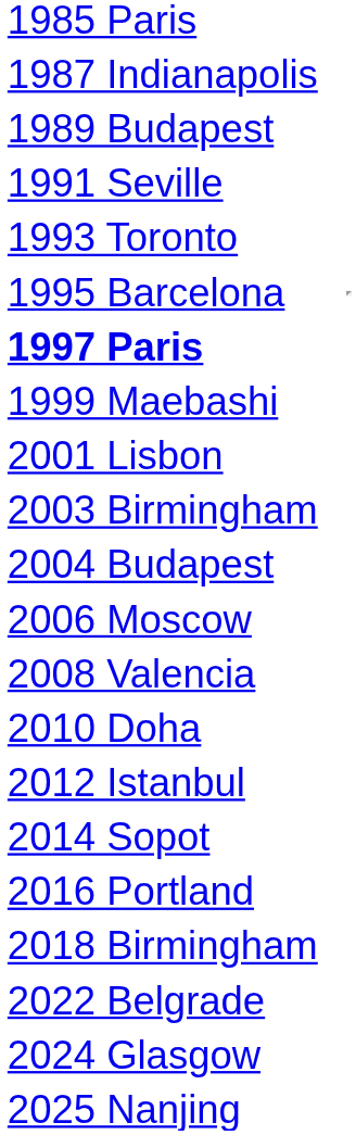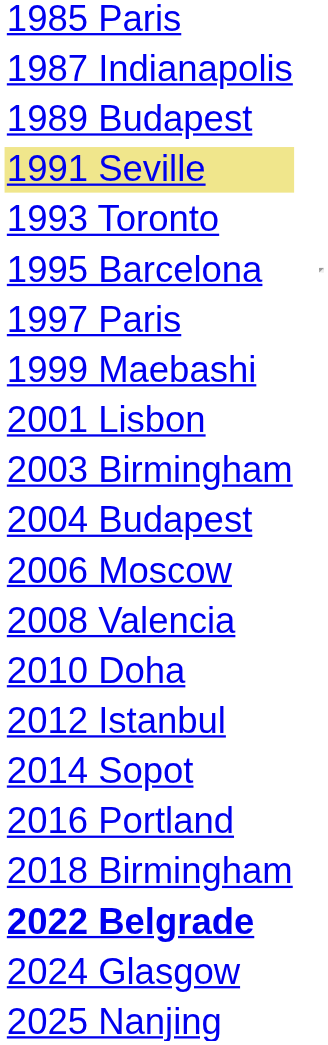 <table>
 <tr>
 <td><a href='#'>1985 Paris</a><br></td>
 <td></td>
 <td></td>
 <td></td>
 </tr>
 <tr>
 <td><a href='#'>1987 Indianapolis</a><br></td>
 <td></td>
 <td></td>
 <td></td>
 </tr>
 <tr>
 <td><a href='#'>1989 Budapest</a><br></td>
 <td></td>
 <td></td>
 <td></td>
 </tr>
 <tr>
-<td><a href='#'>1991 Seville</a><br></td>
+<td style="background: khaki;"><a href='#'>1991 Seville</a><br></td>
 <td></td>
 <td></td>
 <td></td>
 </tr>
 <tr>
 <td><a href='#'>1993 Toronto</a><br></td>
 <td></td>
 <td></td>
 <td></td>
 </tr>
 <tr>
 <td><a href='#'>1995 Barcelona</a><br></td>
 <td></td>
 <td></td>
 <td><hr></td>
 </tr>
 <tr>
-<td><strong><a href='#'>1997 Paris</a><br></strong></td>
+<td><a href='#'>1997 Paris</a><br></td>
 <td></td>
 <td></td>
 <td></td>
 </tr>
 <tr>
 <td><a href='#'>1999 Maebashi</a><br></td>
 <td></td>
 <td></td>
 <td></td>
 </tr>
 <tr>
 <td><a href='#'>2001 Lisbon</a><br></td>
 <td></td>
 <td></td>
 <td></td>
 </tr>
 <tr>
 <td><a href='#'>2003 Birmingham</a><br></td>
 <td></td>
 <td></td>
 <td></td>
 </tr>
 <tr>
 <td><a href='#'>2004 Budapest</a><br></td>
 <td></td>
 <td></td>
 <td></td>
 </tr>
 <tr>
 <td><a href='#'>2006 Moscow</a><br></td>
 <td></td>
 <td></td>
 <td></td>
 </tr>
 <tr>
 <td><a href='#'>2008 Valencia</a><br></td>
 <td></td>
 <td></td>
 <td></td>
 </tr>
 <tr>
 <td><a href='#'>2010 Doha</a><br></td>
 <td></td>
 <td></td>
 <td></td>
 </tr>
 <tr>
 <td><a href='#'>2012 Istanbul</a><br></td>
 <td></td>
 <td></td>
 <td></td>
 </tr>
 <tr>
 <td><a href='#'>2014 Sopot</a><br></td>
 <td></td>
 <td></td>
 <td></td>
 </tr>
 <tr>
 <td><a href='#'>2016 Portland</a><br></td>
 <td></td>
 <td></td>
 <td></td>
 </tr>
 <tr>
 <td><a href='#'>2018 Birmingham</a><br></td>
 <td></td>
 <td></td>
 <td></td>
 </tr>
 <tr>
-<td><a href='#'>2022 Belgrade</a><br></td>
+<td><strong><a href='#'>2022 Belgrade</a><br></strong></td>
 <td></td>
 <td></td>
 <td></td>
 </tr>
 <tr>
 <td><a href='#'>2024 Glasgow</a><br></td>
 <td></td>
 <td></td>
 <td></td>
 </tr>
 <tr>
 <td><a href='#'>2025 Nanjing</a><br></td>
 <td></td>
 <td></td>
 <td></td>
 </tr>
 </table>
